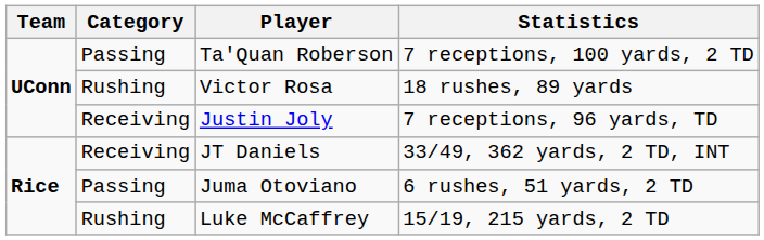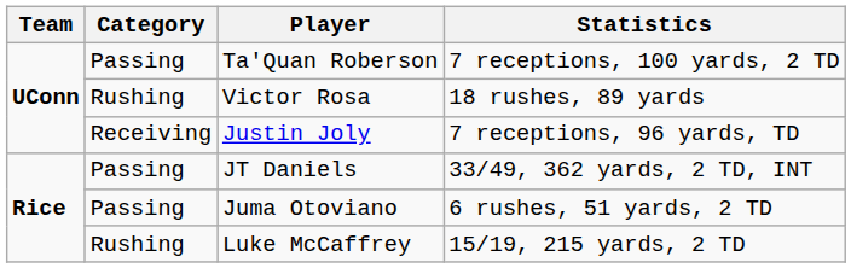 <table class="wikitable" style="float: right;">
 <tr>
 <th>Team</th>
 <th>Category</th>
 <th>Player</th>
 <th>Statistics</th>
 </tr>
 <tr>
 <td rowspan=3><strong>UConn</strong></td>
 <td>Passing</td>
 <td>Ta'Quan Roberson</td>
 <td>7 receptions, 100 yards, 2 TD</td>
 </tr>
 <tr>
 <td>Rushing</td>
 <td>Victor Rosa</td>
 <td>18 rushes, 89 yards</td>
 </tr>
 <tr>
 <td>Receiving</td>
 <td><a href='#'>Justin Joly</a></td>
 <td>7 receptions, 96 yards, TD</td>
 </tr>
 <tr>
 <td rowspan=3><strong>Rice</strong></td>
-<td>Receiving</td>
+<td>Passing</td>
 <td>JT Daniels</td>
 <td>33/49, 362 yards, 2 TD, INT</td>
 </tr>
 <tr>
 <td>Passing</td>
 <td>Juma Otoviano</td>
 <td>6 rushes, 51 yards, 2 TD</td>
 </tr>
 <tr>
 <td>Rushing</td>
 <td>Luke McCaffrey</td>
 <td>15/19, 215 yards, 2 TD</td>
 </tr>
 </table>
